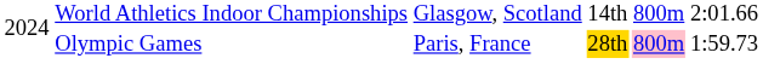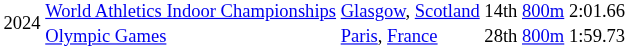 <table>
 <tr>
 <td rowspan=2>2024</td>
 <td><a href='#'>World Athletics Indoor Championships</a></td>
 <td><a href='#'>Glasgow</a>, <a href='#'>Scotland</a></td>
 <td>14th</td>
 <td><a href='#'>800m</a></td>
 <td>2:01.66</td>
 </tr>
 <tr>
 <td><a href='#'>Olympic Games</a></td>
 <td><a href='#'>Paris</a>, <a href='#'>France</a></td>
-<td style="background: gold;">28th</td>
-<td style="background: pink;"><a href='#'>800m</a></td>
+<td>28th</td>
+<td><a href='#'>800m</a></td>
 <td>1:59.73</td>
 </tr>
 </table>
